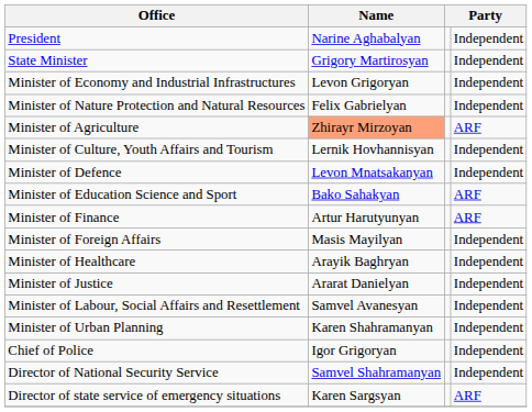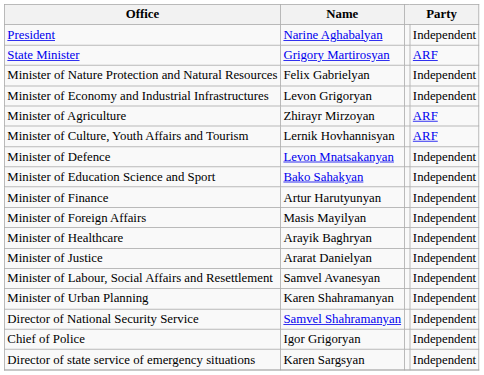 <table class="wikitable">
 <tr>
 <th>Office</th>
 <th>Name</th>
 <th colspan="2">Party</th>
 </tr>
 <tr>
 <td><a href='#'>President</a></td>
 <td><a href='#'>Narine Aghabalyan</a></td>
 <td style="background-color: "></td>
 <td>Independent</td>
 </tr>
 <tr>
 <td><a href='#'>State Minister</a></td>
 <td><a href='#'>Grigory Martirosyan</a></td>
 <td style="background-color: "></td>
+<td><a href='#'>ARF</a></td>
+</tr>
+<tr>
+<td>Minister of Nature Protection and Natural Resources</td>
+<td>Felix Gabrielyan</td>
+<td style="background-color: "></td>
 <td>Independent</td>
 </tr>
 <tr>
 <td>Minister of Economy and Industrial Infrastructures</td>
 <td>Levon Grigoryan</td>
 <td style="background-color: "></td>
 <td>Independent</td>
 </tr>
 <tr>
-<td>Minister of Nature Protection and Natural Resources</td>
-<td>Felix Gabrielyan</td>
-<td style="background-color: "></td>
-<td>Independent</td>
-</tr>
-<tr>
 <td>Minister of Agriculture</td>
-<td style="background: lightsalmon;">Zhirayr Mirzoyan</td>
+<td>Zhirayr Mirzoyan</td>
 <td style="background-color: "></td>
 <td><a href='#'>ARF</a></td>
 </tr>
 <tr>
 <td>Minister of Culture, Youth Affairs and Tourism</td>
 <td>Lernik Hovhannisyan</td>
 <td style="background-color: "></td>
-<td>Independent</td>
+<td><a href='#'>ARF</a></td>
 </tr>
 <tr>
 <td>Minister of Defence</td>
 <td><a href='#'>Levon Mnatsakanyan</a></td>
 <td style="background-color:"></td>
 <td>Independent</td>
 </tr>
 <tr>
 <td>Minister of Education Science and Sport</td>
 <td><a href='#'>Bako Sahakyan</a></td>
 <td style="background-color:"></td>
-<td><a href='#'>ARF</a></td>
+<td>Independent</td>
 </tr>
 <tr>
 <td>Minister of Finance</td>
 <td>Artur Harutyunyan</td>
 <td style="background-color:"></td>
-<td><a href='#'>ARF</a></td>
+<td>Independent</td>
 </tr>
 <tr>
 <td>Minister of Foreign Affairs</td>
 <td>Masis Mayilyan</td>
 <td style="background-color: "></td>
 <td>Independent</td>
 </tr>
 <tr>
 <td>Minister of Healthcare</td>
 <td>Arayik Baghryan</td>
 <td style="background-color: "></td>
 <td>Independent</td>
 </tr>
 <tr>
 <td>Minister of Justice</td>
 <td>Ararat Danielyan</td>
 <td style="background-color: "></td>
 <td>Independent</td>
 </tr>
 <tr>
 <td>Minister of Labour, Social Affairs and Resettlement</td>
 <td>Samvel Avanesyan</td>
 <td style="background-color: "></td>
 <td>Independent</td>
 </tr>
 <tr>
 <td>Minister of Urban Planning</td>
 <td>Karen Shahramanyan</td>
 <td style="background-color: "></td>
 <td>Independent</td>
 </tr>
 <tr>
-<td>Chief of Police</td>
-<td>Igor Grigoryan</td>
+<td>Director of National Security Service</td>
+<td><a href='#'>Samvel Shahramanyan</a></td>
 <td style="background-color: "></td>
 <td>Independent</td>
 </tr>
 <tr>
-<td>Director of National Security Service</td>
-<td><a href='#'>Samvel Shahramanyan</a></td>
+<td>Chief of Police</td>
+<td>Igor Grigoryan</td>
 <td style="background-color: "></td>
 <td>Independent</td>
 </tr>
 <tr>
 <td>Director of state service of emergency situations</td>
 <td>Karen Sargsyan</td>
 <td style="background-color: "></td>
-<td><a href='#'>ARF</a></td>
+<td>Independent</td>
 </tr>
 <tr>
 </tr>
 </table>
